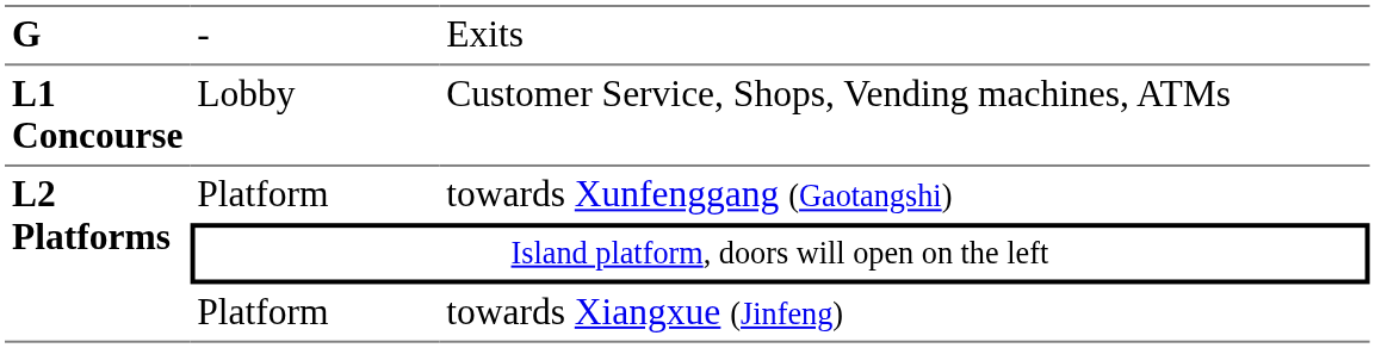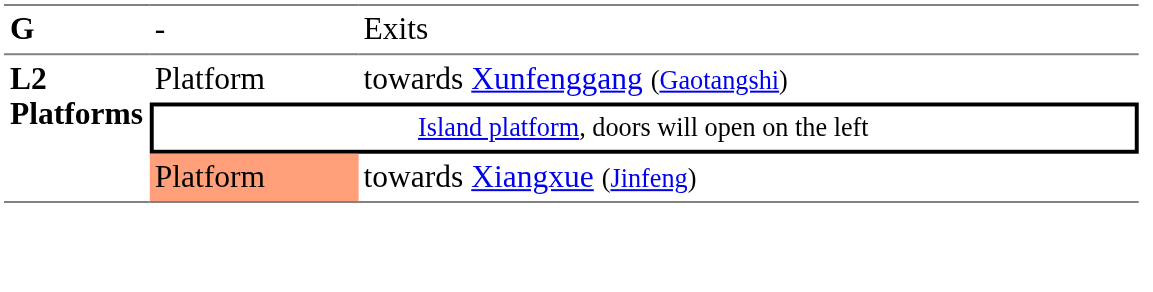 <table table border=0 cellspacing=0 cellpadding=3>
 <tr>
 <td style="vertical-align:top; border-bottom:solid 0 gray; border-top:solid 1px gray; width:50px;"><strong>G</strong></td>
 <td style="vertical-align:top; border-bottom:solid 0 gray; border-top:solid 1px gray; width:100px;">-</td>
 <td style="vertical-align:top; border-bottom:solid 0 gray; border-top:solid 1px gray; width:390px;">Exits</td>
-</tr>
-<tr style="vertical-align:top;">
-<td style="border-bottom:solid 0 gray; border-top:solid 1px gray; width:50px;"><strong>L1<br>Concourse</strong></td>
-<td style="border-bottom:solid 0 gray; border-top:solid 1px gray; width:100px;">Lobby</td>
-<td style="border-bottom:solid 0 gray; border-top:solid 1px gray; width:390px;">Customer Service, Shops, Vending machines, ATMs</td>
 </tr>
 <tr>
 <td style="vertical-align:top; border-bottom:solid 1px gray; border-top:solid 1px gray; width:50px;" rowspan="3"><strong>L2<br>Platforms</strong></td>
 <td style="border-top:solid 1px gray;">Platform </td>
 <td style="border-top:solid 1px gray;">  towards <a href='#'>Xunfenggang</a> <small>(<a href='#'>Gaotangshi</a>)</small></td>
 </tr>
 <tr>
 <td style="border-top:solid 2px black;border-right:solid 2px black;border-left:solid 2px black;border-bottom:solid 2px black;font-size:smaller;text-align:center;" colspan=2><a href='#'>Island platform</a>, doors will open on the left</td>
 </tr>
 <tr>
-<td style="border-bottom:solid 1px gray;">Platform </td>
+<td style="background: lightsalmon; border-bottom:solid 1px gray;">Platform </td>
 <td style="border-bottom:solid 1px gray;"> towards <a href='#'>Xiangxue</a> <small>(<a href='#'>Jinfeng</a>)</small> </td>
 </tr>
 </table>
